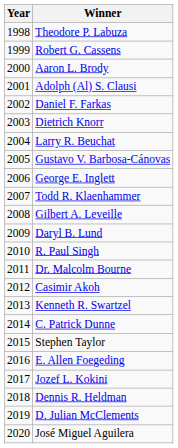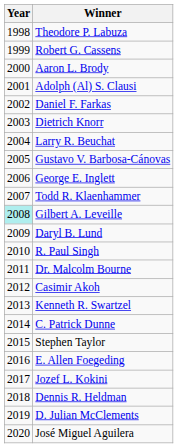 <table class="wikitable">
 <tr>
 <th>Year</th>
 <th>Winner</th>
 </tr>
 <tr>
 <td>1998</td>
 <td><a href='#'>Theodore P. Labuza</a></td>
 </tr>
 <tr>
 <td>1999</td>
 <td><a href='#'>Robert G. Cassens</a></td>
 </tr>
 <tr>
 <td>2000</td>
 <td><a href='#'>Aaron L. Brody</a></td>
 </tr>
 <tr>
 <td>2001</td>
 <td><a href='#'>Adolph (Al) S. Clausi</a></td>
 </tr>
 <tr>
 <td>2002</td>
 <td><a href='#'>Daniel F. Farkas</a></td>
 </tr>
 <tr>
 <td>2003</td>
 <td><a href='#'>Dietrich Knorr</a></td>
 </tr>
 <tr>
 <td>2004</td>
 <td><a href='#'>Larry R. Beuchat</a></td>
 </tr>
 <tr>
 <td>2005</td>
 <td><a href='#'>Gustavo V. Barbosa-Cánovas</a></td>
 </tr>
 <tr>
 <td>2006</td>
 <td><a href='#'>George E. Inglett</a></td>
 </tr>
 <tr>
 <td>2007</td>
 <td><a href='#'>Todd R. Klaenhammer</a></td>
 </tr>
 <tr>
-<td>2008</td>
+<td style="background: paleturquoise;">2008</td>
 <td><a href='#'>Gilbert A. Leveille</a></td>
 </tr>
 <tr>
 <td>2009</td>
 <td><a href='#'>Daryl B. Lund</a></td>
 </tr>
 <tr>
 <td>2010</td>
 <td><a href='#'>R. Paul Singh</a></td>
 </tr>
 <tr>
 <td>2011</td>
 <td><a href='#'>Dr. Malcolm Bourne</a></td>
 </tr>
 <tr>
 <td>2012</td>
 <td><a href='#'>Casimir Akoh</a></td>
 </tr>
 <tr>
 <td>2013</td>
 <td><a href='#'>Kenneth R. Swartzel</a></td>
 </tr>
 <tr>
 <td>2014</td>
 <td><a href='#'>C. Patrick Dunne</a></td>
 </tr>
 <tr>
 <td>2015</td>
 <td>Stephen Taylor</td>
 </tr>
 <tr>
 <td>2016</td>
 <td><a href='#'>E. Allen Foegeding</a></td>
 </tr>
 <tr>
 <td>2017</td>
 <td><a href='#'>Jozef L. Kokini</a></td>
 </tr>
 <tr>
 <td>2018</td>
 <td><a href='#'>Dennis R. Heldman</a></td>
 </tr>
 <tr>
 <td>2019</td>
 <td><a href='#'>D. Julian McClements</a></td>
 </tr>
 <tr>
 <td>2020</td>
 <td>José Miguel Aguilera</td>
 </tr>
 </table>
